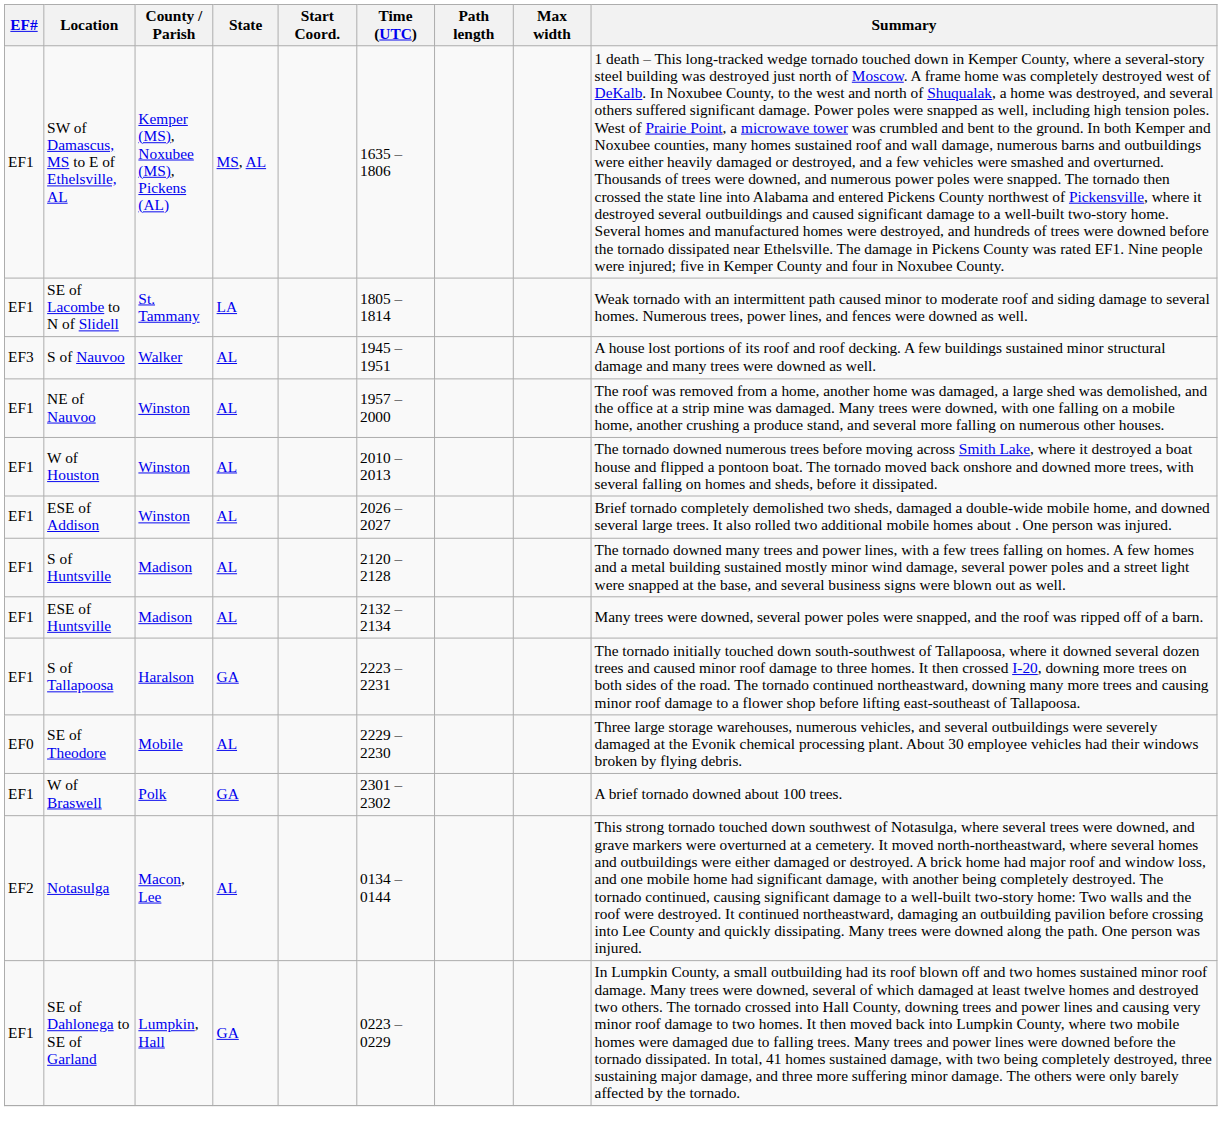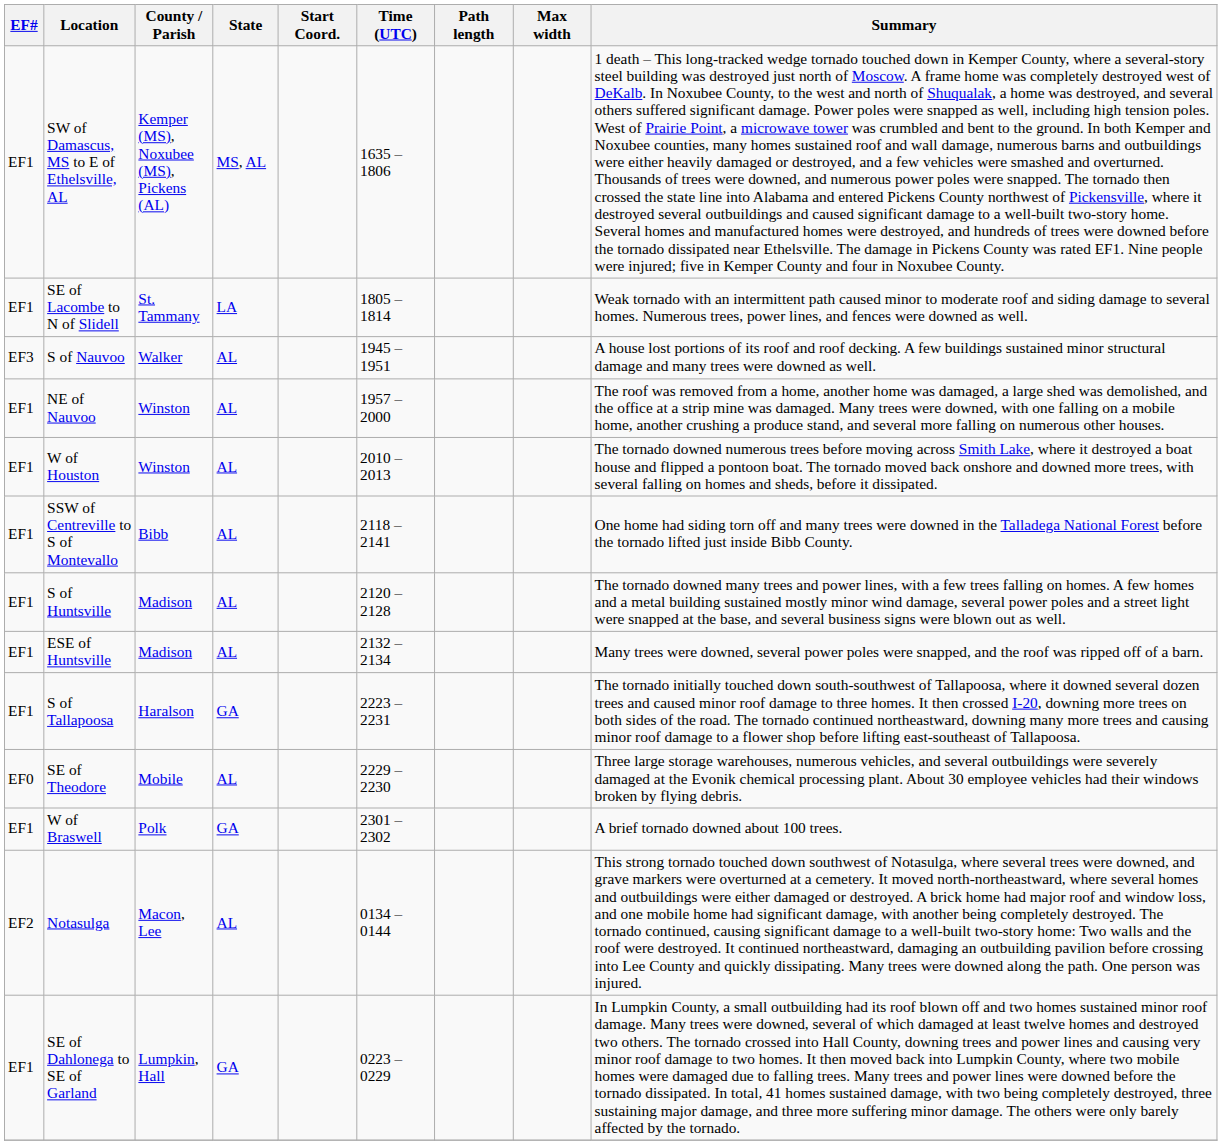 <table class="wikitable sortable" style="width:100%;">
 <tr>
 <th scope="col"  style="width:3%; text-align:center;"><a href='#'>EF#</a></th>
 <th scope="col"  style="width:7%; text-align:center;" class="unsortable">Location</th>
 <th scope="col"  style="width:6%; text-align:center;" class="unsortable">County / Parish</th>
 <th scope="col"  style="width:5%; text-align:center;">State</th>
 <th scope="col"  style="width:6%; text-align:center;">Start Coord.</th>
 <th scope="col"  style="width:6%; text-align:center;">Time (<a href='#'>UTC</a>)</th>
 <th scope="col"  style="width:6%; text-align:center;">Path length</th>
 <th scope="col"  style="width:6%; text-align:center;">Max width</th>
 <th scope="col" class="unsortable" style="width:48%; text-align:center;">Summary</th>
 </tr>
 <tr>
 <td>EF1</td>
 <td>SW of <a href='#'>Damascus, MS</a> to E of <a href='#'>Ethelsville, AL</a></td>
 <td><a href='#'>Kemper (MS)</a>, <a href='#'>Noxubee (MS)</a>, <a href='#'>Pickens (AL)</a></td>
 <td><a href='#'>MS</a>, <a href='#'>AL</a></td>
 <td></td>
 <td>1635 – 1806</td>
 <td></td>
 <td></td>
 <td>1 death – This long-tracked wedge tornado touched down in Kemper County, where a several-story steel building was destroyed just north of <a href='#'>Moscow</a>. A frame home was completely destroyed west of <a href='#'>DeKalb</a>. In Noxubee County, to the west and north of <a href='#'>Shuqualak</a>, a home was destroyed, and several others suffered significant damage. Power poles were snapped as well, including high tension poles. West of <a href='#'>Prairie Point</a>, a <a href='#'>microwave tower</a> was crumbled and bent to the ground. In both Kemper and Noxubee counties, many homes sustained roof and wall damage, numerous barns and outbuildings were either heavily damaged or destroyed, and a few vehicles were smashed and overturned. Thousands of trees were downed, and numerous power poles were snapped. The tornado then crossed the state line into Alabama and entered Pickens County northwest of <a href='#'>Pickensville</a>, where it destroyed several outbuildings and caused significant damage to a well-built two-story home. Several homes and manufactured homes were destroyed, and hundreds of trees were downed before the tornado dissipated near Ethelsville. The damage in Pickens County was rated EF1. Nine people were injured; five in Kemper County and four in Noxubee County.</td>
 </tr>
 <tr>
 <td>EF1</td>
 <td>SE of <a href='#'>Lacombe</a> to N of <a href='#'>Slidell</a></td>
 <td><a href='#'>St. Tammany</a></td>
 <td><a href='#'>LA</a></td>
 <td></td>
 <td>1805 – 1814</td>
 <td></td>
 <td></td>
 <td>Weak tornado with an intermittent path caused minor to moderate roof and siding damage to several homes. Numerous trees, power lines, and fences were downed as well.</td>
 </tr>
 <tr>
 <td>EF3</td>
 <td>S of <a href='#'>Nauvoo</a></td>
 <td><a href='#'>Walker</a></td>
 <td><a href='#'>AL</a></td>
 <td></td>
 <td>1945 – 1951</td>
 <td></td>
 <td></td>
 <td>A house lost portions of its roof and roof decking. A few buildings sustained minor structural damage and many trees were downed as well.</td>
 </tr>
 <tr>
 <td>EF1</td>
 <td>NE of <a href='#'>Nauvoo</a></td>
 <td><a href='#'>Winston</a></td>
 <td><a href='#'>AL</a></td>
 <td></td>
 <td>1957 – 2000</td>
 <td></td>
 <td></td>
 <td>The roof was removed from a home, another home was damaged, a large shed was demolished, and the office at a strip mine was damaged. Many trees were downed, with one falling on a mobile home, another crushing a produce stand, and several more falling on numerous other houses.</td>
 </tr>
 <tr>
 <td>EF1</td>
 <td>W of <a href='#'>Houston</a></td>
 <td><a href='#'>Winston</a></td>
 <td><a href='#'>AL</a></td>
 <td></td>
 <td>2010 – 2013</td>
 <td></td>
 <td></td>
 <td>The tornado downed numerous trees before moving across <a href='#'>Smith Lake</a>, where it destroyed a boat house and flipped a pontoon boat. The tornado moved back onshore and downed more trees, with several falling on homes and sheds, before it dissipated.</td>
 </tr>
 <tr>
 <td>EF1</td>
-<td>ESE of <a href='#'>Addison</a></td>
-<td><a href='#'>Winston</a></td>
+<td>SSW of <a href='#'>Centreville</a> to S of <a href='#'>Montevallo</a></td>
+<td><a href='#'>Bibb</a></td>
 <td><a href='#'>AL</a></td>
 <td></td>
-<td>2026 – 2027</td>
+<td>2118 – 2141</td>
 <td></td>
 <td></td>
-<td>Brief tornado completely demolished two sheds, damaged a double-wide mobile home, and downed several large trees. It also rolled two additional mobile homes about . One person was injured.</td>
+<td>One home had siding torn off and many trees were downed in the <a href='#'>Talladega National Forest</a> before the tornado lifted just inside Bibb County.</td>
 </tr>
 <tr>
 <td>EF1</td>
 <td>S of <a href='#'>Huntsville</a></td>
 <td><a href='#'>Madison</a></td>
 <td><a href='#'>AL</a></td>
 <td></td>
 <td>2120 – 2128</td>
 <td></td>
 <td></td>
 <td>The tornado downed many trees and power lines, with a few trees falling on homes. A few homes and a metal building sustained mostly minor wind damage, several power poles and a street light were snapped at the base, and several business signs were blown out as well.</td>
 </tr>
 <tr>
 <td>EF1</td>
 <td>ESE of <a href='#'>Huntsville</a></td>
 <td><a href='#'>Madison</a></td>
 <td><a href='#'>AL</a></td>
 <td></td>
 <td>2132 – 2134</td>
 <td></td>
 <td></td>
 <td>Many trees were downed, several power poles were snapped, and the roof was ripped off of a barn.</td>
 </tr>
 <tr>
 <td>EF1</td>
 <td>S of <a href='#'>Tallapoosa</a></td>
 <td><a href='#'>Haralson</a></td>
 <td><a href='#'>GA</a></td>
 <td></td>
 <td>2223 – 2231</td>
 <td></td>
 <td></td>
 <td>The tornado initially touched down south-southwest of Tallapoosa, where it downed several dozen trees and caused minor roof damage to three homes. It then crossed <a href='#'>I-20</a>, downing more trees on both sides of the road. The tornado continued northeastward, downing many more trees and causing minor roof damage to a flower shop before lifting east-southeast of Tallapoosa.</td>
 </tr>
 <tr>
 <td>EF0</td>
 <td>SE of <a href='#'>Theodore</a></td>
 <td><a href='#'>Mobile</a></td>
 <td><a href='#'>AL</a></td>
 <td></td>
 <td>2229 – 2230</td>
 <td></td>
 <td></td>
 <td>Three large storage warehouses, numerous vehicles, and several outbuildings were severely damaged at the Evonik chemical processing plant. About 30 employee vehicles had their windows broken by flying debris.</td>
 </tr>
 <tr>
 <td>EF1</td>
 <td>W of <a href='#'>Braswell</a></td>
 <td><a href='#'>Polk</a></td>
 <td><a href='#'>GA</a></td>
 <td></td>
 <td>2301 – 2302</td>
 <td></td>
 <td></td>
 <td>A brief tornado downed about 100 trees.</td>
 </tr>
 <tr>
 <td>EF2</td>
 <td><a href='#'>Notasulga</a></td>
 <td><a href='#'>Macon</a>, <a href='#'>Lee</a></td>
 <td><a href='#'>AL</a></td>
 <td></td>
 <td>0134 – 0144</td>
 <td></td>
 <td></td>
 <td>This strong tornado touched down southwest of Notasulga, where several trees were downed, and grave markers were overturned at a cemetery. It moved north-northeastward, where several homes and outbuildings were either damaged or destroyed. A brick home had major roof and window loss, and one mobile home had significant damage, with another being completely destroyed. The tornado continued, causing significant damage to a well-built two-story home: Two walls and the roof were destroyed. It continued northeastward, damaging an outbuilding pavilion before crossing into Lee County and quickly dissipating. Many trees were downed along the path. One person was injured.</td>
 </tr>
 <tr>
 <td>EF1</td>
 <td>SE of <a href='#'>Dahlonega</a> to SE of <a href='#'>Garland</a></td>
 <td><a href='#'>Lumpkin</a>, <a href='#'>Hall</a></td>
 <td><a href='#'>GA</a></td>
 <td></td>
 <td>0223 – 0229</td>
 <td></td>
 <td></td>
 <td>In Lumpkin County, a small outbuilding had its roof blown off and two homes sustained minor roof damage. Many trees were downed, several of which damaged at least twelve homes and destroyed two others. The tornado crossed into Hall County, downing trees and power lines and causing very minor roof damage to two homes. It then moved back into Lumpkin County, where two mobile homes were damaged due to falling trees. Many trees and power lines were downed before the tornado dissipated. In total, 41 homes sustained damage, with two being completely destroyed, three sustaining major damage, and three more suffering minor damage. The others were only barely affected by the tornado.</td>
 </tr>
 <tr>
 </tr>
 </table>
